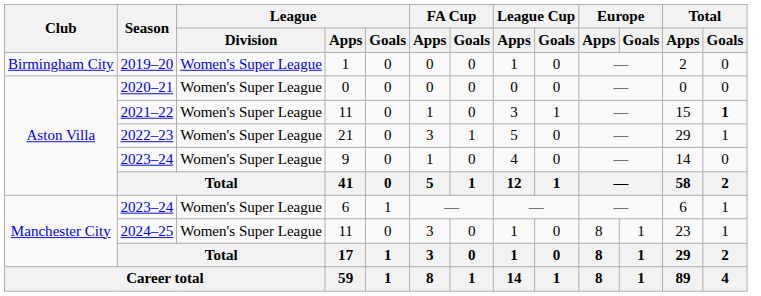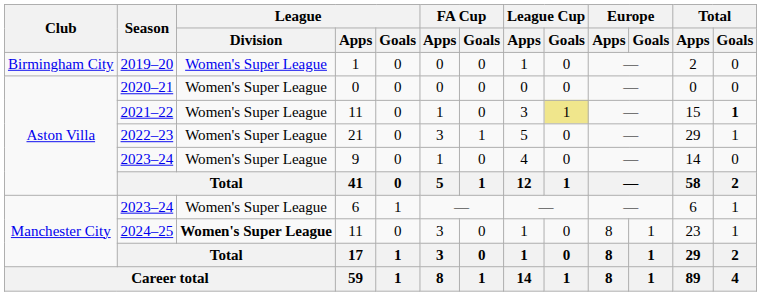 <table class="wikitable" style="text-align:center">
 <tr>
 <th rowspan="2">Club</th>
 <th rowspan="2">Season</th>
 <th colspan="3">League</th>
 <th colspan="2">FA Cup</th>
 <th colspan="2">League Cup</th>
 <th colspan="2">Europe</th>
 <th colspan="2">Total</th>
 </tr>
 <tr>
 <th>Division</th>
 <th>Apps</th>
 <th>Goals</th>
 <th>Apps</th>
 <th>Goals</th>
 <th>Apps</th>
 <th>Goals</th>
 <th>Apps</th>
 <th>Goals</th>
 <th>Apps</th>
 <th>Goals</th>
 </tr>
 <tr>
 <td><a href='#'>Birmingham City</a></td>
 <td><a href='#'>2019–20</a></td>
 <td><a href='#'>Women's Super League</a></td>
 <td>1</td>
 <td>0</td>
 <td>0</td>
 <td>0</td>
 <td>1</td>
 <td>0</td>
 <td colspan="2">—</td>
 <td>2</td>
 <td>0</td>
 </tr>
 <tr>
 <td rowspan="5"><a href='#'>Aston Villa</a></td>
 <td><a href='#'>2020–21</a></td>
 <td>Women's Super League</td>
 <td>0</td>
 <td>0</td>
 <td>0</td>
 <td>0</td>
 <td>0</td>
 <td>0</td>
 <td colspan="2">—</td>
 <td>0</td>
 <td>0</td>
 </tr>
 <tr>
 <td><a href='#'>2021–22</a></td>
 <td>Women's Super League</td>
 <td>11</td>
 <td>0</td>
 <td>1</td>
 <td>0</td>
 <td>3</td>
-<td>1</td>
+<td style="background: khaki;">1</td>
 <td colspan="2">—</td>
 <td>15</td>
 <td><strong>1</strong></td>
 </tr>
 <tr>
 <td><a href='#'>2022–23</a></td>
 <td>Women's Super League</td>
 <td>21</td>
 <td>0</td>
 <td>3</td>
 <td>1</td>
 <td>5</td>
 <td>0</td>
 <td colspan="2">—</td>
 <td>29</td>
 <td>1</td>
 </tr>
 <tr>
 <td><a href='#'>2023–24</a></td>
 <td>Women's Super League</td>
 <td>9</td>
 <td>0</td>
 <td>1</td>
 <td>0</td>
 <td>4</td>
 <td>0</td>
 <td colspan="2">—</td>
 <td>14</td>
 <td>0</td>
 </tr>
 <tr>
 <th colspan="2">Total</th>
 <th>41</th>
 <th>0</th>
 <th>5</th>
 <th>1</th>
 <th>12</th>
 <th>1</th>
 <th colspan="2">—</th>
 <th>58</th>
 <th>2</th>
 </tr>
 <tr>
 <td rowspan="3"><a href='#'>Manchester City</a></td>
 <td><a href='#'>2023–24</a></td>
 <td>Women's Super League</td>
 <td>6</td>
 <td>1</td>
 <td colspan="2">—</td>
 <td colspan="2">—</td>
 <td colspan="2">—</td>
 <td>6</td>
 <td>1</td>
 </tr>
 <tr>
 <td><a href='#'>2024–25</a></td>
-<td>Women's Super League</td>
+<td><strong>Women's Super League</strong></td>
 <td>11</td>
 <td>0</td>
 <td>3</td>
 <td>0</td>
 <td>1</td>
 <td>0</td>
 <td>8</td>
 <td>1</td>
 <td>23</td>
 <td>1</td>
 </tr>
 <tr>
 <th colspan="2">Total</th>
 <th>17</th>
 <th>1</th>
 <th>3</th>
 <th>0</th>
 <th>1</th>
 <th>0</th>
 <th>8</th>
 <th>1</th>
 <th>29</th>
 <th>2</th>
 </tr>
 <tr>
 <th colspan="3">Career total</th>
 <th>59</th>
 <th>1</th>
 <th>8</th>
 <th>1</th>
 <th>14</th>
 <th>1</th>
 <th>8</th>
 <th>1</th>
 <th>89</th>
 <th>4</th>
 </tr>
 </table>
